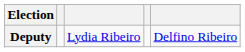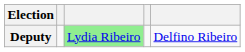 <table class="wikitable">
 <tr>
 <th>Election</th>
 <th style="width:1px;"></th>
 <th></th>
 <th style="width:1px;"></th>
 <th></th>
 </tr>
 <tr>
 <th>Deputy</th>
 <td width=1px style="background-color: "></td>
-<td colspan = 1><a href='#'>Lydia Ribeiro</a></td>
+<td colspan = 1 style="background: lightgreen;"><a href='#'>Lydia Ribeiro</a></td>
 <td width=1px style="background-color: "></td>
 <td colspan = 1><a href='#'>Delfino Ribeiro</a></td>
 </tr>
 </table>
